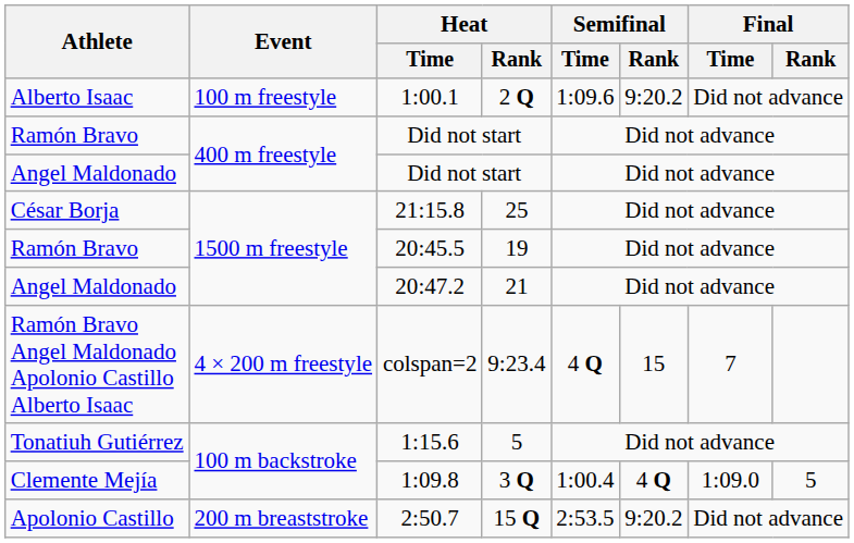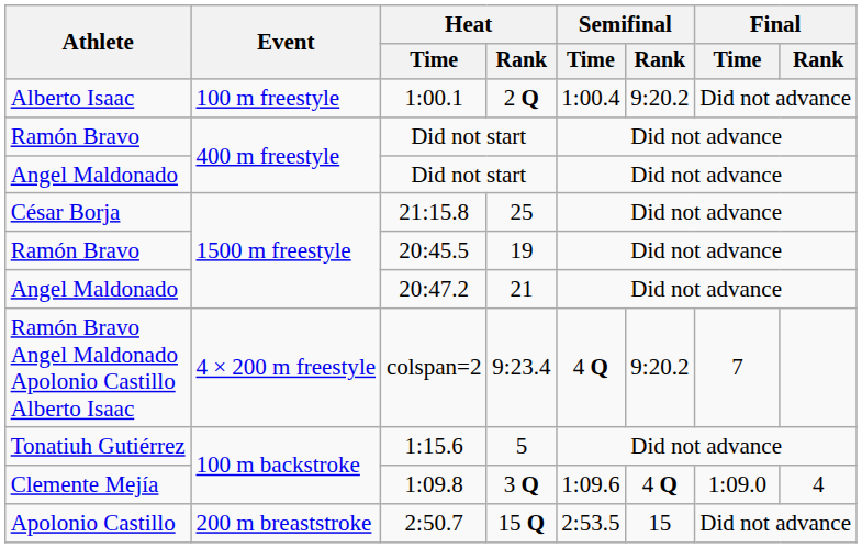 <table class=wikitable style="font-size:90%">
 <tr>
 <th rowspan=2>Athlete</th>
 <th rowspan=2>Event</th>
 <th colspan=2>Heat</th>
 <th colspan=2>Semifinal</th>
 <th colspan=2>Final</th>
 </tr>
 <tr style="font-size:95%">
 <th>Time</th>
 <th>Rank</th>
 <th>Time</th>
 <th>Rank</th>
 <th>Time</th>
 <th>Rank</th>
 </tr>
 <tr align=center>
 <td align=left><a href='#'>Alberto Isaac</a></td>
 <td align=left><a href='#'>100 m freestyle</a></td>
 <td>1:00.1</td>
 <td>2 <strong>Q</strong></td>
-<td>1:09.6</td>
+<td>1:00.4</td>
 <td>9:20.2</td>
 <td colspan=2>Did not advance</td>
 </tr>
 <tr align=center>
 <td align=left><a href='#'>Ramón Bravo</a></td>
 <td align=left rowspan=2><a href='#'>400 m freestyle</a></td>
 <td colspan=2>Did not start</td>
 <td colspan=4>Did not advance</td>
 </tr>
 <tr align=center>
 <td align=left><a href='#'>Angel Maldonado</a></td>
 <td colspan=2>Did not start</td>
 <td colspan=4>Did not advance</td>
 </tr>
 <tr align=center>
 <td align=left><a href='#'>César Borja</a></td>
 <td align=left rowspan=3><a href='#'>1500 m freestyle</a></td>
 <td>21:15.8</td>
 <td>25</td>
 <td colspan=4>Did not advance</td>
 </tr>
 <tr align=center>
 <td align=left><a href='#'>Ramón Bravo</a></td>
 <td>20:45.5</td>
 <td>19</td>
 <td colspan=4>Did not advance</td>
 </tr>
 <tr align=center>
 <td align=left><a href='#'>Angel Maldonado</a></td>
 <td>20:47.2</td>
 <td>21</td>
 <td colspan=4>Did not advance</td>
 </tr>
 <tr align=center>
 <td align=left><a href='#'>Ramón Bravo</a><br><a href='#'>Angel Maldonado</a><br><a href='#'>Apolonio Castillo</a><br><a href='#'>Alberto Isaac</a></td>
 <td align=left><a href='#'>4 × 200 m freestyle</a></td>
 <td>colspan=2 </td>
 <td>9:23.4</td>
 <td>4 <strong>Q</strong></td>
-<td>15</td>
+<td>9:20.2</td>
 <td>7</td>
 </tr>
 <tr align=center>
 <td align=left><a href='#'>Tonatiuh Gutiérrez</a></td>
 <td align=left rowspan=2><a href='#'>100 m backstroke</a></td>
 <td>1:15.6</td>
 <td>5</td>
 <td colspan=4>Did not advance</td>
 </tr>
 <tr align=center>
 <td align=left><a href='#'>Clemente Mejía</a></td>
 <td>1:09.8</td>
 <td>3 <strong>Q</strong></td>
-<td>1:00.4</td>
+<td>1:09.6</td>
 <td>4 <strong>Q</strong></td>
 <td>1:09.0</td>
-<td>5</td>
+<td>4</td>
 </tr>
 <tr align=center>
 <td align=left><a href='#'>Apolonio Castillo</a></td>
 <td align=left><a href='#'>200 m breaststroke</a></td>
 <td>2:50.7</td>
 <td>15 <strong>Q</strong></td>
 <td>2:53.5</td>
-<td>9:20.2</td>
+<td>15</td>
 <td colspan=2>Did not advance</td>
 </tr>
 </table>
